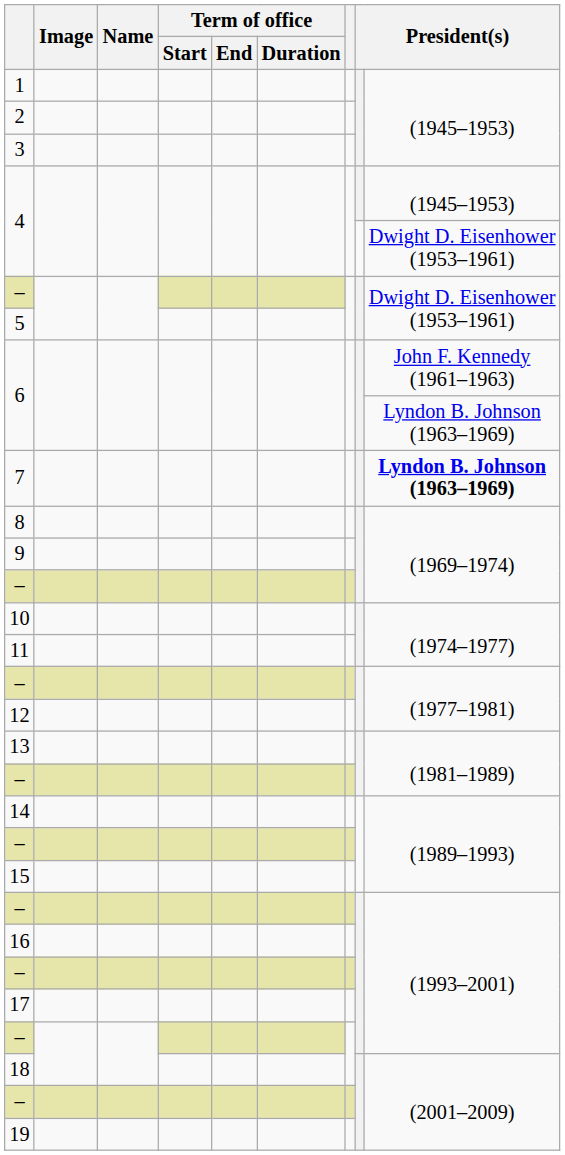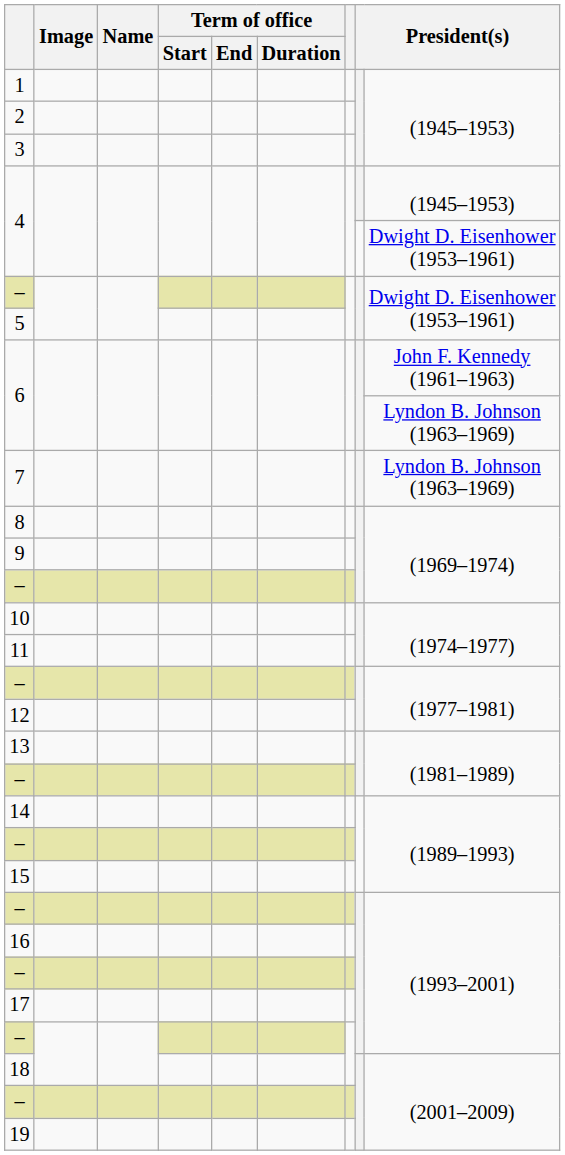 <table class="wikitable sortable" style="text-align:center">
 <tr>
 <th rowspan=2></th>
 <th class=unsortable rowspan=2>Image</th>
 <th rowspan=2>Name</th>
 <th colspan=3>Term of office</th>
 <th class=unsortable rowspan=2></th>
 <th colspan=2 rowspan=2>President(s)</th>
 </tr>
 <tr>
 <th>Start</th>
 <th>End</th>
 <th>Duration</th>
 </tr>
 <tr>
 <td>1</td>
 <td></td>
 <td></td>
 <td></td>
 <td></td>
 <td></td>
 <td></td>
 <th rowspan=3 style="background: "></th>
 <td rowspan=3><br>(1945–1953)</td>
 </tr>
 <tr>
 <td>2</td>
 <td></td>
 <td></td>
 <td></td>
 <td></td>
 <td></td>
 <td></td>
 </tr>
 <tr>
 <td>3</td>
 <td></td>
 <td></td>
 <td></td>
 <td></td>
 <td></td>
 <td></td>
 </tr>
 <tr>
 <td rowspan=2>4</td>
 <td rowspan=2></td>
 <td rowspan=2></td>
 <td rowspan=2></td>
 <td rowspan=2></td>
 <td rowspan=2></td>
 <td rowspan=2></td>
 <th style="background: "></th>
 <td><br>(1945–1953)</td>
 </tr>
 <tr>
 <td style="background: "></td>
 <td><a href='#'>Dwight D. Eisenhower</a><br>(1953–1961)</td>
 </tr>
 <tr>
 <td style="background-color:#E6E6AA;">–</td>
 <td rowspan=2></td>
 <td rowspan=2></td>
 <td style="background-color:#E6E6AA;"></td>
 <td style="background-color:#E6E6AA;"></td>
 <td style="background-color:#E6E6AA;"></td>
 <td rowspan=2></td>
 <th rowspan=2 style="background: "></th>
 <td rowspan=2><a href='#'>Dwight D. Eisenhower</a><br>(1953–1961)</td>
 </tr>
 <tr>
 <td>5</td>
 <td></td>
 <td></td>
 <td></td>
 </tr>
 <tr>
 <td rowspan=2>6</td>
 <td rowspan=2></td>
 <td rowspan=2></td>
 <td rowspan=2></td>
 <td rowspan=2></td>
 <td rowspan=2></td>
 <td rowspan=2></td>
 <th rowspan=2 style="background: "></th>
 <td><a href='#'>John F. Kennedy</a><br>(1961–1963)</td>
 </tr>
 <tr>
 <td><a href='#'>Lyndon B. Johnson</a><br>(1963–1969)</td>
 </tr>
 <tr>
 <td>7</td>
 <td></td>
 <td></td>
 <td></td>
 <td></td>
 <td></td>
 <td></td>
 <th style="background: "></th>
-<td><strong><a href='#'>Lyndon B. Johnson</a><br>(1963–1969)</strong></td>
+<td><a href='#'>Lyndon B. Johnson</a><br>(1963–1969)</td>
 </tr>
 <tr>
 <td>8</td>
 <td></td>
 <td></td>
 <td></td>
 <td></td>
 <td></td>
 <td></td>
 <th rowspan=4 style="background: "></th>
 <td rowspan=4><br>(1969–1974)</td>
 </tr>
 <tr>
 <td>9</td>
 <td></td>
 <td></td>
 <td></td>
 <td></td>
 <td></td>
 <td></td>
 </tr>
 <tr bgcolor="#e6e6aa">
 <td>–</td>
 <td></td>
 <td><br></td>
 <td></td>
 <td></td>
 <td></td>
 <td></td>
 </tr>
 <tr>
 <td rowspan=2>10</td>
 <td rowspan=2></td>
 <td rowspan=2></td>
 <td rowspan=2></td>
 <td rowspan=2></td>
 <td rowspan=2></td>
 <td rowspan=2></td>
 </tr>
 <tr>
 <th rowspan=2 style="background: "></th>
 <td rowspan=2><br>(1974–1977)</td>
 </tr>
 <tr>
 <td>11</td>
 <td></td>
 <td></td>
 <td></td>
 <td></td>
 <td></td>
 <td></td>
 </tr>
 <tr>
 <td style="background-color:#E6E6AA;">–</td>
 <td style="background-color:#E6E6AA;"></td>
 <td style="background-color:#E6E6AA;"><br></td>
 <td style="background-color:#E6E6AA;"></td>
 <td style="background-color:#E6E6AA;"></td>
 <td style="background-color:#E6E6AA;"></td>
 <td style="background-color:#E6E6AA;"></td>
 <th rowspan=2 style="background: "></th>
 <td rowspan=2><br>(1977–1981)</td>
 </tr>
 <tr>
 <td>12</td>
 <td></td>
 <td></td>
 <td></td>
 <td></td>
 <td></td>
 <td></td>
 </tr>
 <tr>
 <td>13</td>
 <td></td>
 <td></td>
 <td></td>
 <td><br></td>
 <td></td>
 <td></td>
 <th rowspan=3 style="background: "></th>
 <td rowspan=3><br>(1981–1989)</td>
 </tr>
 <tr bgcolor="#e6e6aa">
 <td>–</td>
 <td></td>
 <td><br></td>
 <td></td>
 <td></td>
 <td></td>
 <td></td>
 </tr>
 <tr>
 <td rowspan=2>14</td>
 <td rowspan=2></td>
 <td rowspan=2></td>
 <td rowspan=2></td>
 <td rowspan=2></td>
 <td rowspan=2></td>
 <td rowspan=2></td>
 </tr>
 <tr>
 <td rowspan=3 style="background: "></td>
 <td rowspan=3><br>(1989–1993)</td>
 </tr>
 <tr bgcolor="#e6e6aa">
 <td>–</td>
 <td></td>
 <td><br></td>
 <td></td>
 <td></td>
 <td></td>
 <td></td>
 </tr>
 <tr>
 <td>15</td>
 <td></td>
 <td></td>
 <td></td>
 <td></td>
 <td></td>
 <td></td>
 </tr>
 <tr>
 <td style="background-color:#E6E6AA;">–</td>
 <td style="background-color:#E6E6AA;"></td>
 <td style="background-color:#E6E6AA;"><br></td>
 <td style="background-color:#E6E6AA;"></td>
 <td style="background-color:#E6E6AA;"></td>
 <td style="background-color:#E6E6AA;"></td>
 <td style="background-color:#E6E6AA;"></td>
 <th rowspan=5 style="background: "></th>
 <td rowspan=5><br>(1993–2001)</td>
 </tr>
 <tr>
 <td>16</td>
 <td></td>
 <td></td>
 <td></td>
 <td></td>
 <td></td>
 <td></td>
 </tr>
 <tr bgcolor="#e6e6aa">
 <td>–</td>
 <td></td>
 <td><br></td>
 <td></td>
 <td></td>
 <td></td>
 <td></td>
 </tr>
 <tr>
 <td>17</td>
 <td></td>
 <td></td>
 <td></td>
 <td></td>
 <td></td>
 <td></td>
 </tr>
 <tr>
 <td style="background-color:#E6E6AA;">–</td>
 <td rowspan=2></td>
 <td rowspan=2></td>
 <td style="background-color:#E6E6AA;"></td>
 <td style="background-color:#E6E6AA;"></td>
 <td style="background-color:#E6E6AA;"></td>
 <td rowspan=2></td>
 </tr>
 <tr>
 <td>18</td>
 <td></td>
 <td></td>
 <td></td>
 <th rowspan=3 style="background: "></th>
 <td rowspan=3><br>(2001–2009)</td>
 </tr>
 <tr bgcolor="#e6e6aa">
 <td>–</td>
 <td></td>
 <td><br></td>
 <td></td>
 <td></td>
 <td></td>
 <td></td>
 </tr>
 <tr>
 <td>19</td>
 <td></td>
 <td></td>
 <td></td>
 <td></td>
 <td></td>
 <td></td>
 </tr>
 </table>
